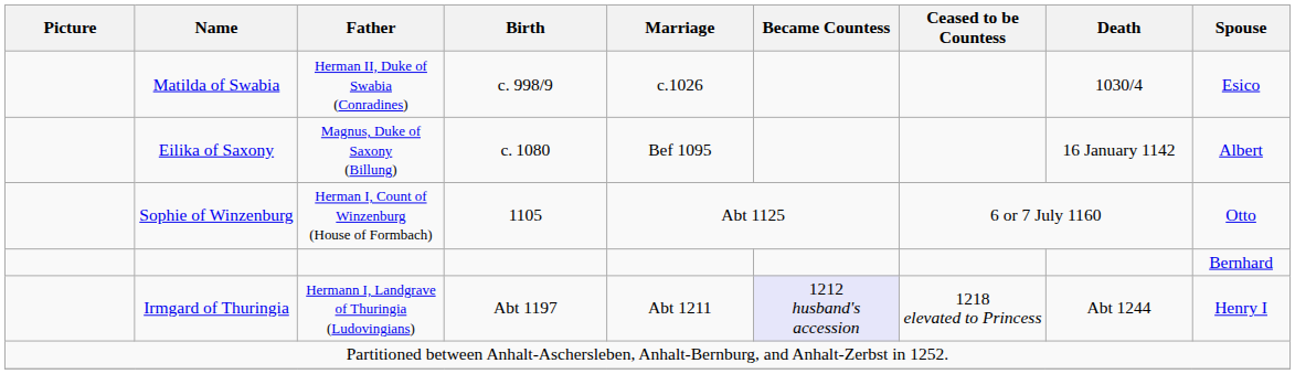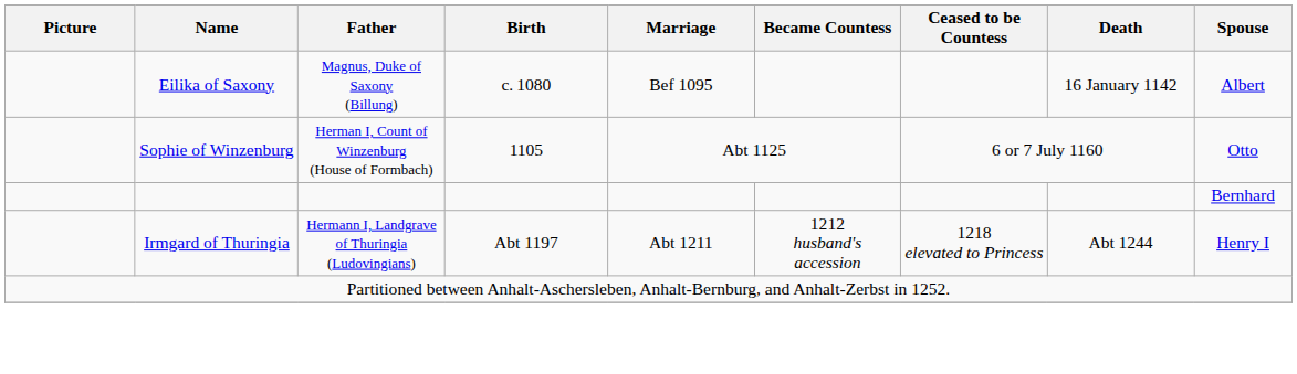 <table width=95% class="wikitable">
 <tr>
 <th width = "8%">Picture</th>
 <th width = "10%">Name</th>
 <th width = "9%">Father</th>
 <th width = "10%">Birth</th>
 <th width = "9%">Marriage</th>
 <th width = "9%">Became Countess</th>
 <th width = "9%">Ceased to be Countess</th>
 <th width = "9%">Death</th>
 <th width = "6%">Spouse</th>
-</tr>
-<tr>
-<td align="center"></td>
-<td align="center"><a href='#'>Matilda of Swabia</a></td>
-<td align="center"><small><a href='#'>Herman II, Duke of Swabia</a><br>(<a href='#'>Conradines</a>)</small></td>
-<td align="center">c. 998/9</td>
-<td align="center">c.1026</td>
-<td align="center"></td>
-<td align="center"></td>
-<td align="center">1030/4</td>
-<td align="center"><a href='#'>Esico</a></td>
 </tr>
 <tr>
 <td align="center"></td>
 <td align="center"><a href='#'>Eilika of Saxony</a></td>
 <td align="center"><small><a href='#'>Magnus, Duke of Saxony</a><br>(<a href='#'>Billung</a>)</small></td>
 <td align="center">c. 1080</td>
 <td align="center">Bef 1095</td>
 <td align="center"></td>
 <td align="center"></td>
 <td align="center">16 January 1142</td>
 <td align="center"><a href='#'>Albert</a></td>
 </tr>
 <tr>
 <td align="center"></td>
 <td align="center"><a href='#'>Sophie of Winzenburg</a></td>
 <td align="center"><small><a href='#'>Herman I, Count of Winzenburg</a><br>(House of Formbach)</small></td>
 <td align="center">1105</td>
 <td align="center" colspan="2">Abt 1125</td>
 <td align="center" colspan="2">6 or 7 July 1160</td>
 <td align="center"><a href='#'>Otto</a></td>
 </tr>
 <tr>
 <td align="center"></td>
 <td align="center"></td>
 <td align="center"></td>
 <td align="center"></td>
 <td align="center"></td>
 <td align="center"></td>
 <td align="center"></td>
 <td align="center"></td>
 <td align="center"><a href='#'>Bernhard</a></td>
 </tr>
 <tr>
 <td align="center"></td>
 <td align="center"><a href='#'>Irmgard of Thuringia</a></td>
 <td align="center"><small><a href='#'>Hermann I, Landgrave of Thuringia</a><br>(<a href='#'>Ludovingians</a>)</small></td>
 <td align="center">Abt 1197</td>
 <td align="center">Abt 1211</td>
-<td align="center" style="background: lavender;">1212<br><em>husband's accession</em></td>
+<td align="center">1212<br><em>husband's accession</em></td>
 <td align="center">1218<br><em>elevated to Princess</em></td>
 <td align="center">Abt 1244</td>
 <td align="center"><a href='#'>Henry I</a></td>
 </tr>
 <tr>
 <td align="center" colspan="9">Partitioned between Anhalt-Aschersleben, Anhalt-Bernburg, and Anhalt-Zerbst in 1252.</td>
 </tr>
 <tr>
 </tr>
 </table>
